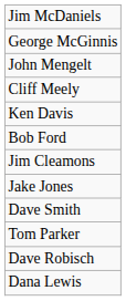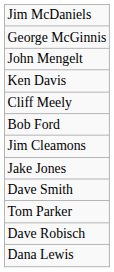 <table class="wikitable">
 <tr>
 <td>Jim McDaniels</td>
 </tr>
 <tr>
 <td>George McGinnis</td>
 </tr>
 <tr>
 <td>John Mengelt</td>
 </tr>
 <tr>
-<td>Cliff Meely</td>
+<td>Ken Davis</td>
 </tr>
 <tr>
-<td>Ken Davis</td>
+<td>Cliff Meely</td>
 </tr>
 <tr>
 <td>Bob Ford</td>
 </tr>
 <tr>
 <td>Jim Cleamons</td>
 </tr>
 <tr>
 <td>Jake Jones</td>
 </tr>
 <tr>
 <td>Dave Smith</td>
 </tr>
 <tr>
 <td>Tom Parker</td>
 </tr>
 <tr>
 <td>Dave Robisch</td>
 </tr>
 <tr>
 <td>Dana Lewis</td>
 </tr>
 </table>
